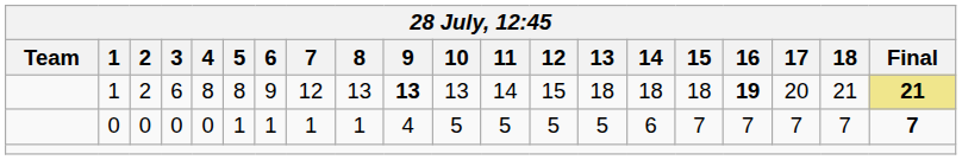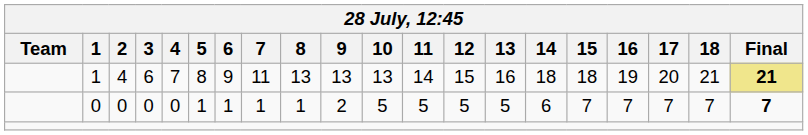 <table class=wikitable style="text-align:center; width: 55%">
 <tr>
 <th colspan=20><em>28 July, 12:45</em></th>
 </tr>
 <tr>
 <th>Team</th>
 <th>1</th>
 <th>2</th>
 <th>3</th>
 <th>4</th>
 <th>5</th>
 <th>6</th>
 <th>7</th>
 <th>8</th>
 <th>9</th>
 <th>10</th>
 <th>11</th>
 <th>12</th>
 <th>13</th>
 <th>14</th>
 <th>15</th>
 <th>16</th>
 <th>17</th>
 <th>18</th>
 <th>Final</th>
 </tr>
 <tr>
 <td align=left><strong></strong></td>
 <td>1</td>
-<td>2</td>
+<td>4</td>
 <td>6</td>
-<td>8</td>
+<td>7</td>
 <td>8</td>
 <td>9</td>
-<td>12</td>
+<td>11</td>
 <td>13</td>
-<td><strong>13</strong></td>
+<td>13</td>
 <td>13</td>
 <td>14</td>
 <td>15</td>
+<td>16</td>
 <td>18</td>
 <td>18</td>
-<td>18</td>
-<td><strong>19</strong></td>
+<td>19</td>
 <td>20</td>
 <td>21</td>
 <td style="background: khaki;"><strong>21</strong></td>
 </tr>
 <tr>
 <td align=left></td>
 <td>0</td>
 <td>0</td>
 <td>0</td>
 <td>0</td>
 <td>1</td>
 <td>1</td>
 <td>1</td>
 <td>1</td>
-<td>4</td>
+<td>2</td>
 <td>5</td>
 <td>5</td>
 <td>5</td>
 <td>5</td>
 <td>6</td>
 <td>7</td>
 <td>7</td>
 <td>7</td>
 <td>7</td>
 <td><strong>7</strong></td>
 </tr>
 <tr>
 <td colspan=20></td>
 </tr>
 </table>
